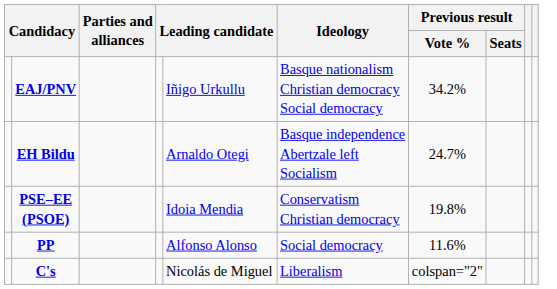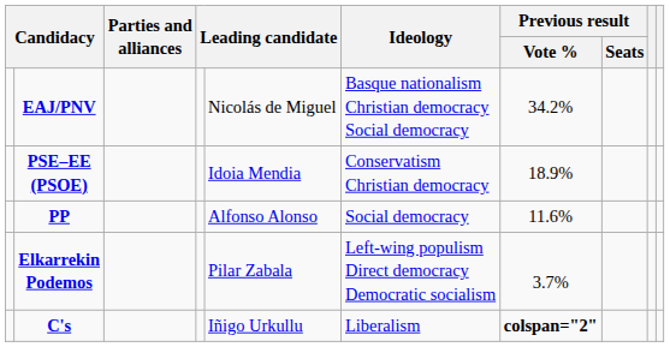 <table class="wikitable" style="line-height:1.35em; text-align:left;">
 <tr>
 <th colspan="2" rowspan="2">Candidacy</th>
 <th rowspan="2">Parties and<br>alliances</th>
 <th colspan="2" rowspan="2">Leading candidate</th>
 <th rowspan="2">Ideology</th>
 <th colspan="2">Previous result</th>
 <th rowspan="2"></th>
 <th rowspan="2"></th>
 </tr>
 <tr>
 <th>Vote %</th>
 <th>Seats</th>
 </tr>
 <tr>
 <td width="1" style="color:inherit;background:"></td>
 <td align="center"><strong><a href='#'>EAJ/PNV</a></strong></td>
 <td></td>
 <td></td>
-<td><a href='#'>Iñigo Urkullu</a></td>
+<td>Nicolás de Miguel</td>
 <td><a href='#'>Basque nationalism</a><br><a href='#'>Christian democracy</a><br><a href='#'>Social democracy</a></td>
 <td align="center">34.2%</td>
-<td></td>
-<td></td>
-<td><br></td>
-</tr>
-<tr>
-<td style="color:inherit;background:"></td>
-<td align="center"><strong><a href='#'>EH Bildu</a></strong></td>
-<td></td>
-<td></td>
-<td><a href='#'>Arnaldo Otegi</a></td>
-<td><a href='#'>Basque independence</a><br><a href='#'>Abertzale left</a><br><a href='#'>Socialism</a></td>
-<td align="center">24.7%</td>
 <td></td>
 <td></td>
 <td><br></td>
 </tr>
 <tr>
 <td style="color:inherit;background:"></td>
 <td align="center"><strong><a href='#'>PSE–EE<br>(PSOE)</a></strong></td>
 <td></td>
 <td></td>
 <td><a href='#'>Idoia Mendia</a></td>
 <td><a href='#'>Conservatism</a><br><a href='#'>Christian democracy</a></td>
-<td align="center">19.8%</td>
+<td align="center">18.9%</td>
 <td></td>
 <td></td>
 <td><br></td>
 </tr>
 <tr>
 <td style="color:inherit;background:"></td>
 <td align="center"><strong><a href='#'>PP</a></strong></td>
 <td></td>
 <td></td>
 <td><a href='#'>Alfonso Alonso</a></td>
 <td><a href='#'>Social democracy</a></td>
 <td align="center">11.6%</td>
 <td></td>
 <td></td>
 <td></td>
 </tr>
 <tr>
 <td style="color:inherit;background:"></td>
+<td align="center"><strong><a href='#'>Elkarrekin<br>Podemos</a></strong></td>
+<td></td>
+<td></td>
+<td><a href='#'>Pilar Zabala</a></td>
+<td><a href='#'>Left-wing populism</a><br><a href='#'>Direct democracy</a><br><a href='#'>Democratic socialism</a></td>
+<td align="center"><br>3.7%<br></td>
+<td></td>
+<td></td>
+<td><br></td>
+</tr>
+<tr>
+<td style="color:inherit;background:"></td>
 <td align="center"><strong><a href='#'>C's</a></strong></td>
 <td></td>
 <td></td>
-<td>Nicolás de Miguel</td>
+<td><a href='#'>Iñigo Urkullu</a></td>
 <td><a href='#'>Liberalism</a></td>
-<td>colspan="2" </td>
+<td><strong>colspan="2" </strong></td>
 <td></td>
 <td></td>
 </tr>
 </table>
